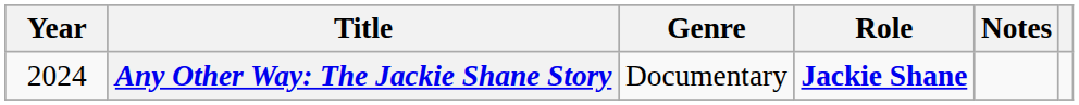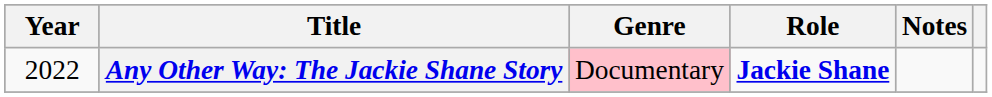 <table class="wikitable plainrowheaders">
 <tr>
 <th scope="col" style="width:03em;">Year</th>
 <th scope="col">Title</th>
 <th scope="col">Genre</th>
 <th scope="col">Role</th>
 <th scope="col">Notes</th>
 <th></th>
 </tr>
 <tr>
-<td style="text-align:center">2024</td>
+<td style="text-align:center">2022</td>
 <th scope="row"><em><a href='#'>Any Other Way: The Jackie Shane Story</a></em></th>
-<td>Documentary</td>
+<td style="background: pink;">Documentary</td>
 <td><strong><a href='#'>Jackie Shane</a></strong></td>
 <td></td>
 <td style="text-align:center"></td>
 </tr>
 </table>
